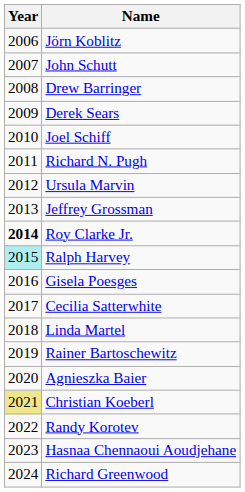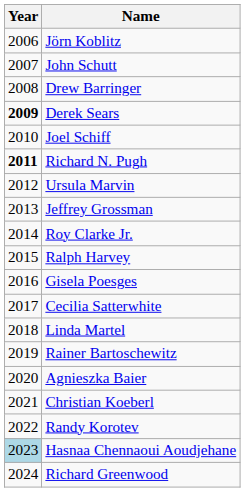 <table class="wikitable" align=center>
 <tr>
 <th>Year</th>
 <th>Name</th>
 </tr>
 <tr>
 <td>2006</td>
 <td><a href='#'>Jörn Koblitz</a></td>
 </tr>
 <tr>
 <td>2007</td>
 <td><a href='#'>John Schutt</a></td>
 </tr>
 <tr>
 <td>2008</td>
 <td><a href='#'>Drew Barringer</a></td>
 </tr>
 <tr>
-<td>2009</td>
+<td><strong>2009</strong></td>
 <td><a href='#'>Derek Sears</a></td>
 </tr>
 <tr>
 <td>2010</td>
 <td><a href='#'>Joel Schiff</a></td>
 </tr>
 <tr>
-<td>2011</td>
+<td><strong>2011</strong></td>
 <td><a href='#'>Richard N. Pugh</a></td>
 </tr>
 <tr>
 <td>2012</td>
 <td><a href='#'>Ursula Marvin</a></td>
 </tr>
 <tr>
 <td>2013</td>
 <td><a href='#'>Jeffrey Grossman</a></td>
 </tr>
 <tr>
-<td><strong>2014</strong></td>
+<td>2014</td>
 <td><a href='#'>Roy Clarke Jr.</a></td>
 </tr>
 <tr>
-<td style="background: paleturquoise;">2015</td>
+<td>2015</td>
 <td><a href='#'>Ralph Harvey</a></td>
 </tr>
 <tr>
 <td>2016</td>
 <td><a href='#'>Gisela Poesges</a></td>
 </tr>
 <tr>
 <td>2017</td>
 <td><a href='#'>Cecilia Satterwhite</a></td>
 </tr>
 <tr>
 <td>2018</td>
 <td><a href='#'>Linda Martel</a></td>
 </tr>
 <tr>
 <td>2019</td>
 <td><a href='#'>Rainer Bartoschewitz</a></td>
 </tr>
 <tr>
 <td>2020</td>
 <td><a href='#'>Agnieszka Baier</a></td>
 </tr>
 <tr>
-<td style="background: khaki;">2021</td>
+<td>2021</td>
 <td><a href='#'>Christian Koeberl</a></td>
 </tr>
 <tr>
 <td>2022</td>
 <td><a href='#'>Randy Korotev</a></td>
 </tr>
 <tr>
-<td>2023</td>
+<td style="background: lightblue;">2023</td>
 <td><a href='#'>Hasnaa Chennaoui Aoudjehane</a></td>
 </tr>
 <tr>
 <td>2024</td>
 <td><a href='#'>Richard Greenwood</a></td>
 </tr>
 </table>
